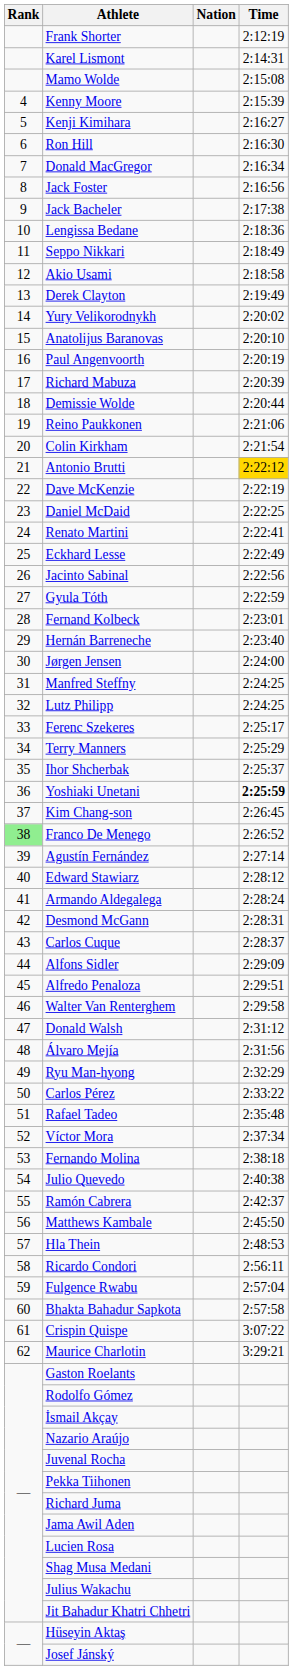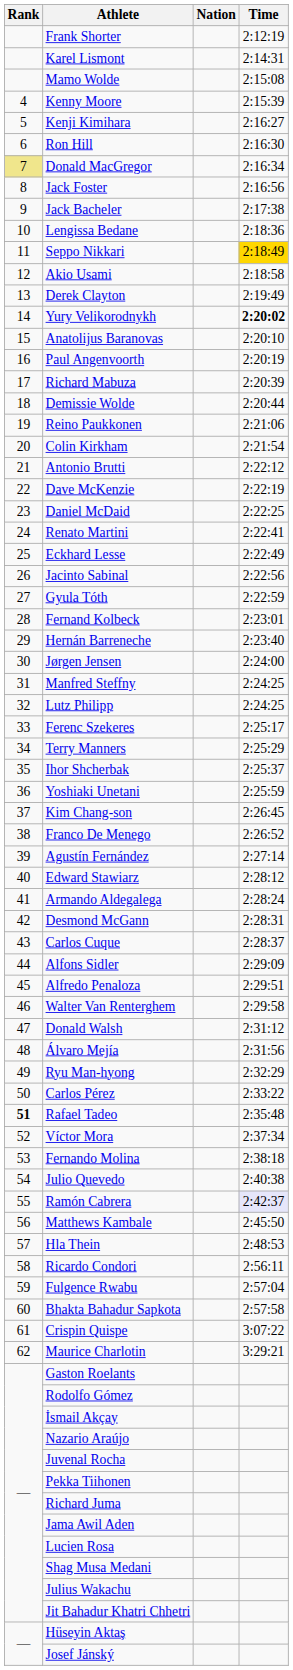 <table class="wikitable sortable" style="text-align:center">
 <tr>
 <th>Rank</th>
 <th>Athlete</th>
 <th>Nation</th>
 <th>Time</th>
 </tr>
 <tr>
 <td></td>
 <td align=left><a href='#'>Frank Shorter</a></td>
 <td align=left></td>
 <td>2:12:19</td>
 </tr>
 <tr>
 <td></td>
 <td align=left><a href='#'>Karel Lismont</a></td>
 <td align=left></td>
 <td>2:14:31</td>
 </tr>
 <tr>
 <td></td>
 <td align=left><a href='#'>Mamo Wolde</a></td>
 <td align=left></td>
 <td>2:15:08</td>
 </tr>
 <tr>
 <td>4</td>
 <td align=left><a href='#'>Kenny Moore</a></td>
 <td align=left></td>
 <td>2:15:39</td>
 </tr>
 <tr>
 <td>5</td>
 <td align=left><a href='#'>Kenji Kimihara</a></td>
 <td align=left></td>
 <td>2:16:27</td>
 </tr>
 <tr>
 <td>6</td>
 <td align=left><a href='#'>Ron Hill</a></td>
 <td align=left></td>
 <td>2:16:30</td>
 </tr>
 <tr>
-<td>7</td>
+<td style="background: khaki;">7</td>
 <td align=left><a href='#'>Donald MacGregor</a></td>
 <td align=left></td>
 <td>2:16:34</td>
 </tr>
 <tr>
 <td>8</td>
 <td align=left><a href='#'>Jack Foster</a></td>
 <td align=left></td>
 <td>2:16:56</td>
 </tr>
 <tr>
 <td>9</td>
 <td align=left><a href='#'>Jack Bacheler</a></td>
 <td align=left></td>
 <td>2:17:38</td>
 </tr>
 <tr>
 <td>10</td>
 <td align=left><a href='#'>Lengissa Bedane</a></td>
 <td align=left></td>
 <td>2:18:36</td>
 </tr>
 <tr>
 <td>11</td>
 <td align=left><a href='#'>Seppo Nikkari</a></td>
 <td align=left></td>
-<td>2:18:49</td>
+<td style="background: gold;">2:18:49</td>
 </tr>
 <tr>
 <td>12</td>
 <td align=left><a href='#'>Akio Usami</a></td>
 <td align=left></td>
 <td>2:18:58</td>
 </tr>
 <tr>
 <td>13</td>
 <td align=left><a href='#'>Derek Clayton</a></td>
 <td align=left></td>
 <td>2:19:49</td>
 </tr>
 <tr>
 <td>14</td>
 <td align=left><a href='#'>Yury Velikorodnykh</a></td>
 <td align=left></td>
-<td>2:20:02</td>
+<td><strong>2:20:02</strong></td>
 </tr>
 <tr>
 <td>15</td>
 <td align=left><a href='#'>Anatolijus Baranovas</a></td>
 <td align=left></td>
 <td>2:20:10</td>
 </tr>
 <tr>
 <td>16</td>
 <td align=left><a href='#'>Paul Angenvoorth</a></td>
 <td align=left></td>
 <td>2:20:19</td>
 </tr>
 <tr>
 <td>17</td>
 <td align=left><a href='#'>Richard Mabuza</a></td>
 <td align=left></td>
 <td>2:20:39</td>
 </tr>
 <tr>
 <td>18</td>
 <td align=left><a href='#'>Demissie Wolde</a></td>
 <td align=left></td>
 <td>2:20:44</td>
 </tr>
 <tr>
 <td>19</td>
 <td align=left><a href='#'>Reino Paukkonen</a></td>
 <td align=left></td>
 <td>2:21:06</td>
 </tr>
 <tr>
 <td>20</td>
 <td align=left><a href='#'>Colin Kirkham</a></td>
 <td align=left></td>
 <td>2:21:54</td>
 </tr>
 <tr>
 <td>21</td>
 <td align=left><a href='#'>Antonio Brutti</a></td>
 <td align=left></td>
-<td style="background: gold;">2:22:12</td>
+<td>2:22:12</td>
 </tr>
 <tr>
 <td>22</td>
 <td align=left><a href='#'>Dave McKenzie</a></td>
 <td align=left></td>
 <td>2:22:19</td>
 </tr>
 <tr>
 <td>23</td>
 <td align=left><a href='#'>Daniel McDaid</a></td>
 <td align=left></td>
 <td>2:22:25</td>
 </tr>
 <tr>
 <td>24</td>
 <td align=left><a href='#'>Renato Martini</a></td>
 <td align=left></td>
 <td>2:22:41</td>
 </tr>
 <tr>
 <td>25</td>
 <td align=left><a href='#'>Eckhard Lesse</a></td>
 <td align=left></td>
 <td>2:22:49</td>
 </tr>
 <tr>
 <td>26</td>
 <td align=left><a href='#'>Jacinto Sabinal</a></td>
 <td align=left></td>
 <td>2:22:56</td>
 </tr>
 <tr>
 <td>27</td>
 <td align=left><a href='#'>Gyula Tóth</a></td>
 <td align=left></td>
 <td>2:22:59</td>
 </tr>
 <tr>
 <td>28</td>
 <td align=left><a href='#'>Fernand Kolbeck</a></td>
 <td align=left></td>
 <td>2:23:01</td>
 </tr>
 <tr>
 <td>29</td>
 <td align=left><a href='#'>Hernán Barreneche</a></td>
 <td align=left></td>
 <td>2:23:40</td>
 </tr>
 <tr>
 <td>30</td>
 <td align=left><a href='#'>Jørgen Jensen</a></td>
 <td align=left></td>
 <td>2:24:00</td>
 </tr>
 <tr>
 <td>31</td>
 <td align=left><a href='#'>Manfred Steffny</a></td>
 <td align=left></td>
 <td>2:24:25</td>
 </tr>
 <tr>
 <td>32</td>
 <td align=left><a href='#'>Lutz Philipp</a></td>
 <td align=left></td>
 <td>2:24:25</td>
 </tr>
 <tr>
 <td>33</td>
 <td align=left><a href='#'>Ferenc Szekeres</a></td>
 <td align=left></td>
 <td>2:25:17</td>
 </tr>
 <tr>
 <td>34</td>
 <td align=left><a href='#'>Terry Manners</a></td>
 <td align=left></td>
 <td>2:25:29</td>
 </tr>
 <tr>
 <td>35</td>
 <td align=left><a href='#'>Ihor Shcherbak</a></td>
 <td align=left></td>
 <td>2:25:37</td>
 </tr>
 <tr>
 <td>36</td>
 <td align=left><a href='#'>Yoshiaki Unetani</a></td>
 <td align=left></td>
-<td><strong>2:25:59</strong></td>
+<td>2:25:59</td>
 </tr>
 <tr>
 <td>37</td>
 <td align=left><a href='#'>Kim Chang-son</a></td>
 <td align=left></td>
 <td>2:26:45</td>
 </tr>
 <tr>
-<td style="background: lightgreen;">38</td>
+<td>38</td>
 <td align=left><a href='#'>Franco De Menego</a></td>
 <td align=left></td>
 <td>2:26:52</td>
 </tr>
 <tr>
 <td>39</td>
 <td align=left><a href='#'>Agustín Fernández</a></td>
 <td align=left></td>
 <td>2:27:14</td>
 </tr>
 <tr>
 <td>40</td>
 <td align=left><a href='#'>Edward Stawiarz</a></td>
 <td align=left></td>
 <td>2:28:12</td>
 </tr>
 <tr>
 <td>41</td>
 <td align=left><a href='#'>Armando Aldegalega</a></td>
 <td align=left></td>
 <td>2:28:24</td>
 </tr>
 <tr>
 <td>42</td>
 <td align=left><a href='#'>Desmond McGann</a></td>
 <td align=left></td>
 <td>2:28:31</td>
 </tr>
 <tr>
 <td>43</td>
 <td align=left><a href='#'>Carlos Cuque</a></td>
 <td align=left></td>
 <td>2:28:37</td>
 </tr>
 <tr>
 <td>44</td>
 <td align=left><a href='#'>Alfons Sidler</a></td>
 <td align=left></td>
 <td>2:29:09</td>
 </tr>
 <tr>
 <td>45</td>
 <td align=left><a href='#'>Alfredo Penaloza</a></td>
 <td align=left></td>
 <td>2:29:51</td>
 </tr>
 <tr>
 <td>46</td>
 <td align=left><a href='#'>Walter Van Renterghem</a></td>
 <td align=left></td>
 <td>2:29:58</td>
 </tr>
 <tr>
 <td>47</td>
 <td align=left><a href='#'>Donald Walsh</a></td>
 <td align=left></td>
 <td>2:31:12</td>
 </tr>
 <tr>
 <td>48</td>
 <td align=left><a href='#'>Álvaro Mejía</a></td>
 <td align=left></td>
 <td>2:31:56</td>
 </tr>
 <tr>
 <td>49</td>
 <td align=left><a href='#'>Ryu Man-hyong</a></td>
 <td align=left></td>
 <td>2:32:29</td>
 </tr>
 <tr>
 <td>50</td>
 <td align=left><a href='#'>Carlos Pérez</a></td>
 <td align=left></td>
 <td>2:33:22</td>
 </tr>
 <tr>
-<td>51</td>
+<td><strong>51</strong></td>
 <td align=left><a href='#'>Rafael Tadeo</a></td>
 <td align=left></td>
 <td>2:35:48</td>
 </tr>
 <tr>
 <td>52</td>
 <td align=left><a href='#'>Víctor Mora</a></td>
 <td align=left></td>
 <td>2:37:34</td>
 </tr>
 <tr>
 <td>53</td>
 <td align=left><a href='#'>Fernando Molina</a></td>
 <td align=left></td>
 <td>2:38:18</td>
 </tr>
 <tr>
 <td>54</td>
 <td align=left><a href='#'>Julio Quevedo</a></td>
 <td align=left></td>
 <td>2:40:38</td>
 </tr>
 <tr>
 <td>55</td>
 <td align=left><a href='#'>Ramón Cabrera</a></td>
 <td align=left></td>
-<td>2:42:37</td>
+<td style="background: lavender;">2:42:37</td>
 </tr>
 <tr>
 <td>56</td>
 <td align=left><a href='#'>Matthews Kambale</a></td>
 <td align=left></td>
 <td>2:45:50</td>
 </tr>
 <tr>
 <td>57</td>
 <td align=left><a href='#'>Hla Thein</a></td>
 <td align=left></td>
 <td>2:48:53</td>
 </tr>
 <tr>
 <td>58</td>
 <td align=left><a href='#'>Ricardo Condori</a></td>
 <td align=left></td>
 <td>2:56:11</td>
 </tr>
 <tr>
 <td>59</td>
 <td align=left><a href='#'>Fulgence Rwabu</a></td>
 <td align=left></td>
 <td>2:57:04</td>
 </tr>
 <tr>
 <td>60</td>
 <td align=left><a href='#'>Bhakta Bahadur Sapkota</a></td>
 <td align=left></td>
 <td>2:57:58</td>
 </tr>
 <tr>
 <td>61</td>
 <td align=left><a href='#'>Crispin Quispe</a></td>
 <td align=left></td>
 <td>3:07:22</td>
 </tr>
 <tr>
 <td>62</td>
 <td align=left><a href='#'>Maurice Charlotin</a></td>
 <td align=left></td>
 <td>3:29:21</td>
 </tr>
 <tr>
 <td rowspan=12 data-sort-value=63>—</td>
 <td align=left><a href='#'>Gaston Roelants</a></td>
 <td align=left></td>
 <td data-sort-value=4:00:00></td>
 </tr>
 <tr>
 <td align=left><a href='#'>Rodolfo Gómez</a></td>
 <td align=left></td>
 <td data-sort-value=4:00:00></td>
 </tr>
 <tr>
 <td align=left><a href='#'>İsmail Akçay</a></td>
 <td align=left></td>
 <td data-sort-value=4:00:00></td>
 </tr>
 <tr>
 <td align=left><a href='#'>Nazario Araújo</a></td>
 <td align=left></td>
 <td data-sort-value=4:00:00></td>
 </tr>
 <tr>
 <td align=left><a href='#'>Juvenal Rocha</a></td>
 <td align=left></td>
 <td data-sort-value=4:00:00></td>
 </tr>
 <tr>
 <td align=left><a href='#'>Pekka Tiihonen</a></td>
 <td align=left></td>
 <td data-sort-value=4:00:00></td>
 </tr>
 <tr>
 <td align=left><a href='#'>Richard Juma</a></td>
 <td align=left></td>
 <td data-sort-value=4:00:00></td>
 </tr>
 <tr>
 <td align=left><a href='#'>Jama Awil Aden</a></td>
 <td align=left></td>
 <td data-sort-value=4:00:00></td>
 </tr>
 <tr>
 <td align=left><a href='#'>Lucien Rosa</a></td>
 <td align=left></td>
 <td data-sort-value=4:00:00></td>
 </tr>
 <tr>
 <td align=left><a href='#'>Shag Musa Medani</a></td>
 <td align=left></td>
 <td data-sort-value=4:00:00></td>
 </tr>
 <tr>
 <td align=left><a href='#'>Julius Wakachu</a></td>
 <td align=left></td>
 <td data-sort-value=4:00:00></td>
 </tr>
 <tr>
 <td align=left><a href='#'>Jit Bahadur Khatri Chhetri</a></td>
 <td align=left></td>
 <td data-sort-value=4:00:00></td>
 </tr>
 <tr>
 <td rowspan=2 data-sort-value=75>—</td>
 <td align=left><a href='#'>Hüseyin Aktaş</a></td>
 <td align=left></td>
 <td data-sort-value=9:00:00></td>
 </tr>
 <tr>
 <td align=left><a href='#'>Josef Jánský</a></td>
 <td align=left></td>
 <td data-sort-value=9:00:00></td>
 </tr>
 </table>
